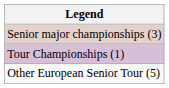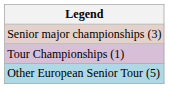 <table class="wikitable" style="font-size:95%;">
 <tr>
 <th>Legend</th>
 </tr>
 <tr style="background:#e5d1cb;">
 <td>Senior major championships (3)</td>
 </tr>
 <tr style="background:thistle;">
 <td>Tour Championships (1)</td>
 </tr>
 <tr>
-<td>Other European Senior Tour (5)</td>
+<td style="background: lightblue;">Other European Senior Tour (5)</td>
 </tr>
 </table>
